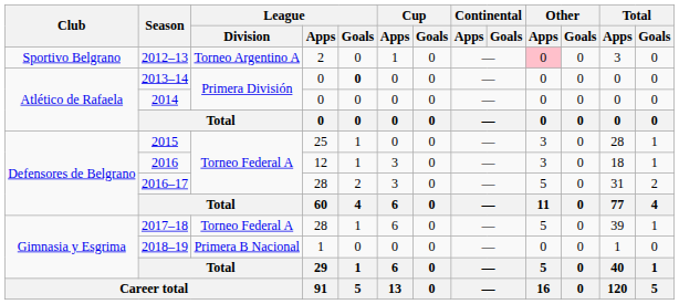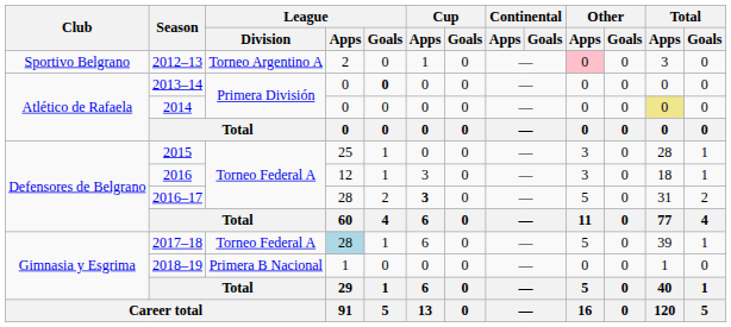 <table class="wikitable" style="text-align:center">
 <tr>
 <th rowspan="2">Club</th>
 <th rowspan="2">Season</th>
 <th colspan="3">League</th>
 <th colspan="2">Cup</th>
 <th colspan="2">Continental</th>
 <th colspan="2">Other</th>
 <th colspan="2">Total</th>
 </tr>
 <tr>
 <th>Division</th>
 <th>Apps</th>
 <th>Goals</th>
 <th>Apps</th>
 <th>Goals</th>
 <th>Apps</th>
 <th>Goals</th>
 <th>Apps</th>
 <th>Goals</th>
 <th>Apps</th>
 <th>Goals</th>
 </tr>
 <tr>
 <td rowspan="1"><a href='#'>Sportivo Belgrano</a></td>
 <td><a href='#'>2012–13</a></td>
 <td rowspan="1"><a href='#'>Torneo Argentino A</a></td>
 <td>2</td>
 <td>0</td>
 <td>1</td>
 <td>0</td>
 <td colspan="2">—</td>
 <td style="background: pink;">0</td>
 <td>0</td>
 <td>3</td>
 <td>0</td>
 </tr>
 <tr>
 <td rowspan="3"><a href='#'>Atlético de Rafaela</a></td>
 <td><a href='#'>2013–14</a></td>
 <td rowspan="2"><a href='#'>Primera División</a></td>
 <td>0</td>
 <td><strong>0</strong></td>
 <td>0</td>
 <td>0</td>
 <td colspan="2">—</td>
 <td>0</td>
 <td>0</td>
 <td>0</td>
 <td>0</td>
 </tr>
 <tr>
 <td><a href='#'>2014</a></td>
 <td>0</td>
 <td>0</td>
 <td>0</td>
 <td>0</td>
 <td colspan="2">—</td>
 <td>0</td>
 <td>0</td>
-<td>0</td>
+<td style="background: khaki;">0</td>
 <td>0</td>
 </tr>
 <tr>
 <th colspan="2">Total</th>
 <th>0</th>
 <th>0</th>
 <th>0</th>
 <th>0</th>
 <th colspan="2">—</th>
 <th>0</th>
 <th>0</th>
 <th>0</th>
 <th>0</th>
 </tr>
 <tr>
 <td rowspan="4"><a href='#'>Defensores de Belgrano</a></td>
 <td><a href='#'>2015</a></td>
 <td rowspan="3"><a href='#'>Torneo Federal A</a></td>
 <td>25</td>
 <td>1</td>
 <td>0</td>
 <td>0</td>
 <td colspan="2">—</td>
 <td>3</td>
 <td>0</td>
 <td>28</td>
 <td>1</td>
 </tr>
 <tr>
 <td><a href='#'>2016</a></td>
 <td>12</td>
 <td>1</td>
 <td>3</td>
 <td>0</td>
 <td colspan="2">—</td>
 <td>3</td>
 <td>0</td>
 <td>18</td>
 <td>1</td>
 </tr>
 <tr>
 <td><a href='#'>2016–17</a></td>
 <td>28</td>
 <td>2</td>
-<td>3</td>
+<td><strong>3</strong></td>
 <td>0</td>
 <td colspan="2">—</td>
 <td>5</td>
 <td>0</td>
 <td>31</td>
 <td>2</td>
 </tr>
 <tr>
 <th colspan="2">Total</th>
 <th>60</th>
 <th>4</th>
 <th>6</th>
 <th>0</th>
 <th colspan="2">—</th>
 <th>11</th>
 <th>0</th>
 <th>77</th>
 <th>4</th>
 </tr>
 <tr>
 <td rowspan="3"><a href='#'>Gimnasia y Esgrima</a></td>
 <td><a href='#'>2017–18</a></td>
 <td rowspan="1"><a href='#'>Torneo Federal A</a></td>
-<td>28</td>
+<td style="background: lightblue;">28</td>
 <td>1</td>
 <td>6</td>
 <td>0</td>
 <td colspan="2">—</td>
 <td>5</td>
 <td>0</td>
 <td>39</td>
 <td>1</td>
 </tr>
 <tr>
 <td><a href='#'>2018–19</a></td>
 <td rowspan="1"><a href='#'>Primera B Nacional</a></td>
 <td>1</td>
 <td>0</td>
 <td>0</td>
 <td>0</td>
 <td colspan="2">—</td>
 <td>0</td>
 <td>0</td>
 <td>1</td>
 <td>0</td>
 </tr>
 <tr>
 <th colspan="2">Total</th>
 <th>29</th>
 <th>1</th>
 <th>6</th>
 <th>0</th>
 <th colspan="2">—</th>
 <th>5</th>
 <th>0</th>
 <th>40</th>
 <th>1</th>
 </tr>
 <tr>
 <th colspan="3">Career total</th>
 <th>91</th>
 <th>5</th>
 <th>13</th>
 <th>0</th>
 <th colspan="2">—</th>
 <th>16</th>
 <th>0</th>
 <th>120</th>
 <th>5</th>
 </tr>
 </table>
